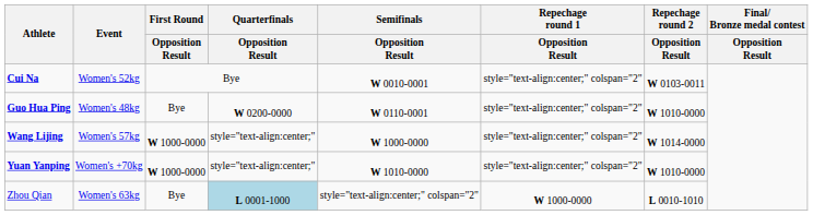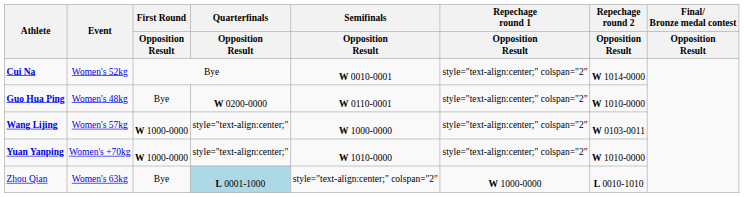 <table class=wikitable style="font-size:90%">
 <tr>
 <th rowspan="2">Athlete</th>
 <th rowspan="2">Event</th>
 <th>First Round</th>
 <th>Quarterfinals</th>
 <th>Semifinals</th>
 <th>Repechage <br>round 1</th>
 <th>Repechage <br>round 2</th>
 <th>Final/<br>Bronze medal contest</th>
 </tr>
 <tr>
 <th>Opposition<br>Result</th>
 <th>Opposition<br>Result</th>
 <th>Opposition<br>Result</th>
 <th>Opposition<br>Result</th>
 <th>Opposition<br>Result</th>
 <th>Opposition<br>Result</th>
 </tr>
 <tr>
 <td><strong><a href='#'>Cui Na</a></strong></td>
 <td style="text-align:center;"><a href='#'>Women's 52kg</a></td>
 <td style="text-align:center;" colspan="2">Bye</td>
 <td style="text-align:center;"><br> <strong>W</strong> 0010-0001</td>
 <td>style="text-align:center;" colspan="2" </td>
-<td style="text-align:center;"><br> <strong>W</strong> 0103-0011 </td>
+<td style="text-align:center;"><br> <strong>W</strong> 1014-0000 </td>
 </tr>
 <tr>
 <td><strong><a href='#'>Guo Hua Ping</a></strong></td>
 <td style="text-align:center;"><a href='#'>Women's 48kg</a></td>
 <td style="text-align:center;">Bye</td>
 <td style="text-align:center;"><br> <strong>W</strong> 0200-0000</td>
 <td style="text-align:center;"><br> <strong>W</strong> 0110-0001</td>
 <td>style="text-align:center;" colspan="2" </td>
 <td style="text-align:center;"><br> <strong>W</strong> 1010-0000 </td>
 </tr>
 <tr>
 <td><strong><a href='#'>Wang Lijing</a></strong></td>
 <td style="text-align:center;"><a href='#'>Women's 57kg</a></td>
 <td style="text-align:center;"><br> <strong>W</strong> 1000-0000</td>
 <td>style="text-align:center;" </td>
 <td style="text-align:center;"><br> <strong>W</strong> 1000-0000</td>
 <td>style="text-align:center;" colspan="2" </td>
-<td style="text-align:center;"><br> <strong>W</strong> 1014-0000 </td>
+<td style="text-align:center;"><br> <strong>W</strong> 0103-0011 </td>
 </tr>
 <tr>
 <td><strong><a href='#'>Yuan Yanping</a></strong></td>
 <td style="text-align:center;"><a href='#'>Women's +70kg</a></td>
 <td style="text-align:center;"><br> <strong>W</strong> 1000-0000</td>
 <td>style="text-align:center;" </td>
 <td style="text-align:center;"><br> <strong>W</strong> 1010-0000</td>
 <td>style="text-align:center;" colspan="2" </td>
 <td style="text-align:center;"><br> <strong>W</strong> 1010-0000 </td>
 </tr>
 <tr>
 <td><a href='#'>Zhou Qian</a></td>
 <td style="text-align:center;"><a href='#'>Women's 63kg</a></td>
 <td style="text-align:center;">Bye</td>
 <td style="background: lightblue; text-align:center;"><br> <strong>L</strong> 0001-1000</td>
 <td>style="text-align:center;" colspan="2" </td>
 <td style="text-align:center;"><br> <strong>W</strong> 1000-0000</td>
 <td style="text-align:center;"><br> <strong>L</strong> 0010-1010</td>
 </tr>
 </table>
